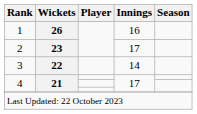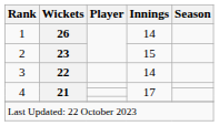 <table class="wikitable">
 <tr>
 <th style="text-align:center;">Rank</th>
 <th style="text-align:center;">Wickets</th>
 <th style="text-align:center;">Player</th>
 <th style="text-align:center;">Innings</th>
 <th style="text-align:center;">Season</th>
 </tr>
 <tr>
 <td align=center>1</td>
 <th scope=row style=text-align:center;>26</th>
 <td rowspan=2></td>
-<td align=center>16</td>
+<td align=center>14</td>
 <td></td>
 </tr>
 <tr>
 <td align=center>2</td>
 <th scope=row style=text-align:center;>23</th>
-<td align=center>17</td>
+<td align=center>15</td>
 <td></td>
 </tr>
 <tr>
 <td align=center>3</td>
 <th scope=row style=text-align:center;>22</th>
 <td></td>
 <td align=center>14</td>
 <td></td>
 </tr>
 <tr>
 <td align=center rowspan=3>4</td>
 <th scope=row style=text-align:center; rowspan=3>21</th>
 <td></td>
 <td align=center rowspan=3>17</td>
 <td></td>
 </tr>
 <tr>
 <td></td>
 <td rowspan=2></td>
 </tr>
 <tr>
 <td></td>
 </tr>
 <tr>
 </tr>
 <tr class=sortbottom>
 <td colspan=6><small>Last Updated: 22 October 2023</small></td>
 </tr>
 </table>
